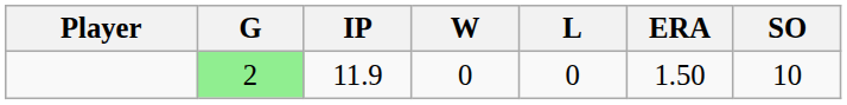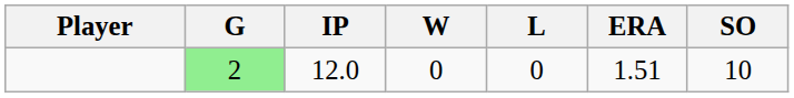 <table class="wikitable sortable">
 <tr>
 <th bgcolor="#DDDDFF" width="16%">Player</th>
 <th bgcolor="#DDDDFF" width="9%">G</th>
 <th bgcolor="#DDDDFF" width="9%">IP</th>
 <th bgcolor="#DDDDFF" width="9%">W</th>
 <th bgcolor="#DDDDFF" width="9%">L</th>
 <th bgcolor="#DDDDFF" width="9%">ERA</th>
 <th bgcolor="#DDDDFF" width="9%">SO</th>
 </tr>
 <tr align="center">
 <td></td>
 <td style="background: lightgreen;">2</td>
-<td>11.9</td>
+<td>12.0</td>
 <td>0</td>
 <td>0</td>
-<td>1.50</td>
+<td>1.51</td>
 <td>10</td>
 </tr>
 </table>
